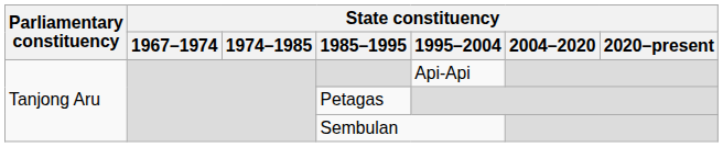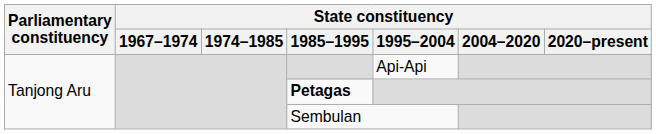 <table class=wikitable>
 <tr>
 <th rowspan=2>Parliamentary<br>constituency</th>
 <th colspan=6>State constituency</th>
 </tr>
 <tr>
 <th>1967–1974</th>
 <th>1974–1985</th>
 <th>1985–1995</th>
 <th>1995–2004</th>
 <th>2004–2020</th>
 <th>2020–present</th>
 </tr>
 <tr>
 <td rowspan=3>Tanjong Aru</td>
 <td rowspan=3 colspan=2 bgcolor=dcdcdc></td>
 <td bgcolor=dcdcdc></td>
 <td>Api-Api</td>
 <td colspan=2 bgcolor=dcdcdc></td>
 </tr>
 <tr>
-<td>Petagas</td>
+<td><strong>Petagas</strong></td>
 <td colspan=3 bgcolor=dcdcdc></td>
 </tr>
 <tr>
 <td colspan=2>Sembulan</td>
 <td colspan=2 bgcolor=dcdcdc></td>
 </tr>
 </table>
